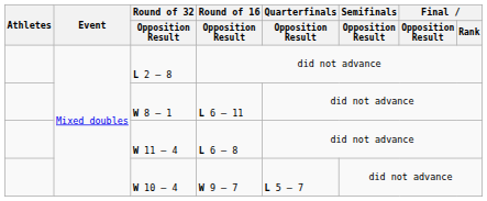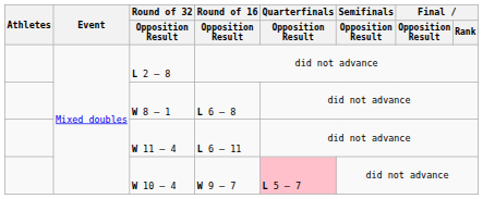 <table class="wikitable" style="font-size:90%">
 <tr>
 <th rowspan=2>Athletes</th>
 <th rowspan=2>Event</th>
 <th>Round of 32</th>
 <th>Round of 16</th>
 <th>Quarterfinals</th>
 <th>Semifinals</th>
 <th colspan=2>Final / </th>
 </tr>
 <tr style="font-size:95%">
 <th>Opposition<br>Result</th>
 <th>Opposition<br>Result</th>
 <th>Opposition<br>Result</th>
 <th>Opposition<br>Result</th>
 <th>Opposition<br>Result</th>
 <th>Rank</th>
 </tr>
 <tr>
 <td align=left><br></td>
 <td align=left rowspan=4><a href='#'>Mixed doubles</a></td>
 <td align=left><br><br><strong>L</strong> 2 – 8</td>
 <td align=center colspan=5>did not advance</td>
 </tr>
 <tr>
 <td align=left><br></td>
 <td align=left><br><br><strong>W</strong> 8 – 1</td>
-<td><br><br><strong>L</strong> 6 – 11</td>
+<td><br><br><strong>L</strong> 6 – 8</td>
 <td align=center colspan=4>did not advance</td>
 </tr>
 <tr>
 <td align=left><br></td>
 <td align=left><br><br><strong>W</strong> 11 – 4</td>
-<td><br><br><strong>L</strong> 6 – 8</td>
+<td><br><br><strong>L</strong> 6 – 11</td>
 <td align=center colspan=4>did not advance</td>
 </tr>
 <tr>
 <td align=left><br></td>
 <td align=left><br><br><strong>W</strong> 10 – 4</td>
 <td><br><br><strong>W</strong> 9 – 7</td>
-<td><br><br><strong>L</strong> 5 – 7</td>
+<td style="background: pink;"><br><br><strong>L</strong> 5 – 7</td>
 <td align=center colspan=3>did not advance</td>
 </tr>
 </table>
